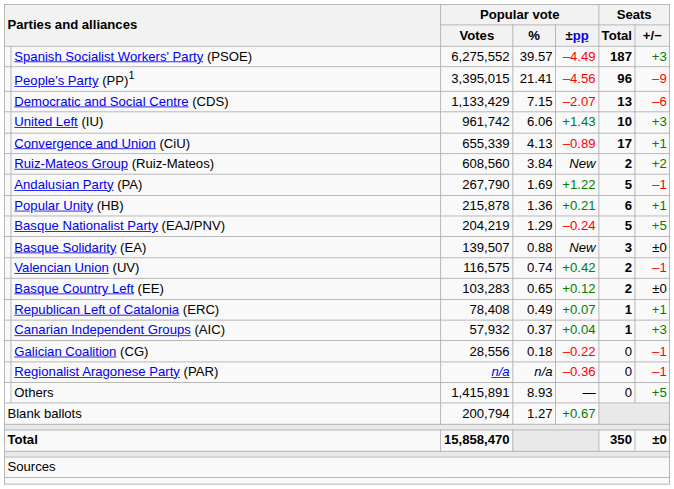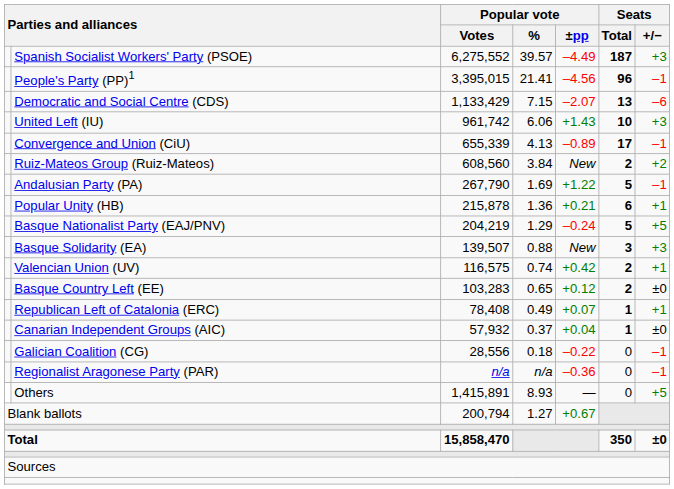 <table class="wikitable" style="text-align:right">
 <tr>
 <th style="text-align:left;" rowspan="2" colspan="2" width="525">Parties and alliances</th>
 <th colspan="3">Popular vote</th>
 <th colspan="2">Seats</th>
 </tr>
 <tr>
 <th width="75">Votes</th>
 <th width="45">%</th>
 <th width="45">±<a href='#'>pp</a></th>
 <th width="35">Total</th>
 <th width="35">+/−</th>
 </tr>
 <tr>
 <td width="1" style="color:inherit;background:"></td>
 <td align="left"><a href='#'>Spanish Socialist Workers' Party</a> (PSOE)</td>
 <td>6,275,552</td>
 <td>39.57</td>
 <td style="color:red;">–4.49</td>
 <td><strong>187</strong></td>
 <td style="color:green;">+3</td>
 </tr>
 <tr>
 <td style="color:inherit;background:"></td>
 <td align="left"><a href='#'>People's Party</a> (PP)<sup>1</sup></td>
 <td>3,395,015</td>
 <td>21.41</td>
 <td style="color:red;">–4.56</td>
 <td><strong>96</strong></td>
-<td style="color:red;">–9</td>
+<td style="color:red;">–1</td>
 </tr>
 <tr>
 <td style="color:inherit;background:"></td>
 <td align="left"><a href='#'>Democratic and Social Centre</a> (CDS)</td>
 <td>1,133,429</td>
 <td>7.15</td>
 <td style="color:red;">–2.07</td>
 <td><strong>13</strong></td>
 <td style="color:red;">–6</td>
 </tr>
 <tr>
 <td style="color:inherit;background:"></td>
 <td align="left"><a href='#'>United Left</a> (IU)</td>
 <td>961,742</td>
 <td>6.06</td>
 <td style="color:green;">+1.43</td>
 <td><strong>10</strong></td>
 <td style="color:green;">+3</td>
 </tr>
 <tr>
 <td style="color:inherit;background:"></td>
 <td align="left"><a href='#'>Convergence and Union</a> (CiU)</td>
 <td>655,339</td>
 <td>4.13</td>
 <td style="color:red;">–0.89</td>
 <td><strong>17</strong></td>
-<td style="color:green;">+1</td>
+<td style="color:red;">–1</td>
 </tr>
 <tr>
 <td style="color:inherit;background:"></td>
 <td align="left"><a href='#'>Ruiz-Mateos Group</a> (Ruiz-Mateos)</td>
 <td>608,560</td>
 <td>3.84</td>
 <td><em>New</em></td>
 <td><strong>2</strong></td>
 <td style="color:green;">+2</td>
 </tr>
 <tr>
 <td style="color:inherit;background:"></td>
 <td align="left"><a href='#'>Andalusian Party</a> (PA)</td>
 <td>267,790</td>
 <td>1.69</td>
 <td style="color:green;">+1.22</td>
 <td><strong>5</strong></td>
 <td style="color:red;">–1</td>
 </tr>
 <tr>
 <td style="color:inherit;background:"></td>
 <td align="left"><a href='#'>Popular Unity</a> (HB)</td>
 <td>215,878</td>
 <td>1.36</td>
 <td style="color:green;">+0.21</td>
 <td><strong>6</strong></td>
 <td style="color:green;">+1</td>
 </tr>
 <tr>
 <td style="color:inherit;background:"></td>
 <td align="left"><a href='#'>Basque Nationalist Party</a> (EAJ/PNV)</td>
 <td>204,219</td>
 <td>1.29</td>
 <td style="color:red;">–0.24</td>
 <td><strong>5</strong></td>
 <td style="color:green;">+5</td>
 </tr>
 <tr>
 <td style="color:inherit;background:"></td>
 <td align="left"><a href='#'>Basque Solidarity</a> (EA)</td>
 <td>139,507</td>
 <td>0.88</td>
 <td><em>New</em></td>
 <td><strong>3</strong></td>
-<td>±0</td>
+<td style="color:green;">+3</td>
 </tr>
 <tr>
 <td style="color:inherit;background:"></td>
 <td align="left"><a href='#'>Valencian Union</a> (UV)</td>
 <td>116,575</td>
 <td>0.74</td>
 <td style="color:green;">+0.42</td>
 <td><strong>2</strong></td>
-<td style="color:red;">–1</td>
+<td style="color:green;">+1</td>
 </tr>
 <tr>
 <td style="color:inherit;background:"></td>
 <td align="left"><a href='#'>Basque Country Left</a> (EE)</td>
 <td>103,283</td>
 <td>0.65</td>
 <td style="color:green;">+0.12</td>
 <td><strong>2</strong></td>
 <td>±0</td>
 </tr>
 <tr>
 <td style="color:inherit;background:"></td>
 <td align="left"><a href='#'>Republican Left of Catalonia</a> (ERC)</td>
 <td>78,408</td>
 <td>0.49</td>
 <td style="color:green;">+0.07</td>
 <td><strong>1</strong></td>
 <td style="color:green;">+1</td>
 </tr>
 <tr>
 <td style="color:inherit;background:"></td>
 <td align="left"><a href='#'>Canarian Independent Groups</a> (AIC)</td>
 <td>57,932</td>
 <td>0.37</td>
 <td style="color:green;">+0.04</td>
 <td><strong>1</strong></td>
-<td style="color:green;">+3</td>
+<td>±0</td>
 </tr>
 <tr>
 <td style="color:inherit;background:"></td>
 <td align="left"><a href='#'>Galician Coalition</a> (CG)</td>
 <td>28,556</td>
 <td>0.18</td>
 <td style="color:red;">–0.22</td>
 <td>0</td>
 <td style="color:red;">–1</td>
 </tr>
 <tr>
 <td style="color:inherit;background:"></td>
 <td align="left"><a href='#'>Regionalist Aragonese Party</a> (PAR)</td>
 <td><em><a href='#'>n/a</a></em></td>
 <td><em>n/a</em></td>
 <td style="color:red;">–0.36</td>
 <td>0</td>
 <td style="color:red;">–1</td>
 </tr>
 <tr>
 <td bgcolor="white"></td>
 <td align="left">Others</td>
 <td>1,415,891</td>
 <td>8.93</td>
 <td>—</td>
 <td>0</td>
 <td style="color:green;">+5</td>
 </tr>
 <tr>
 <td align="left" colspan="2">Blank ballots</td>
 <td>200,794</td>
 <td>1.27</td>
 <td style="color:green;">+0.67</td>
 <td bgcolor="#E9E9E9" colspan="2"></td>
 </tr>
 <tr>
 <td colspan="7" bgcolor="#E9E9E9"></td>
 </tr>
 <tr style="font-weight:bold;">
 <td align="left" colspan="2">Total</td>
 <td>15,858,470</td>
 <td bgcolor="#E9E9E9" colspan="2"></td>
 <td>350</td>
 <td>±0</td>
 </tr>
 <tr>
 <td colspan="7" bgcolor="#E9E9E9"></td>
 </tr>
 <tr>
 <td align="left" colspan="7">Sources</td>
 </tr>
 <tr>
 <td colspan="7" style="text-align:left; max-width:790px;"></td>
 </tr>
 </table>
